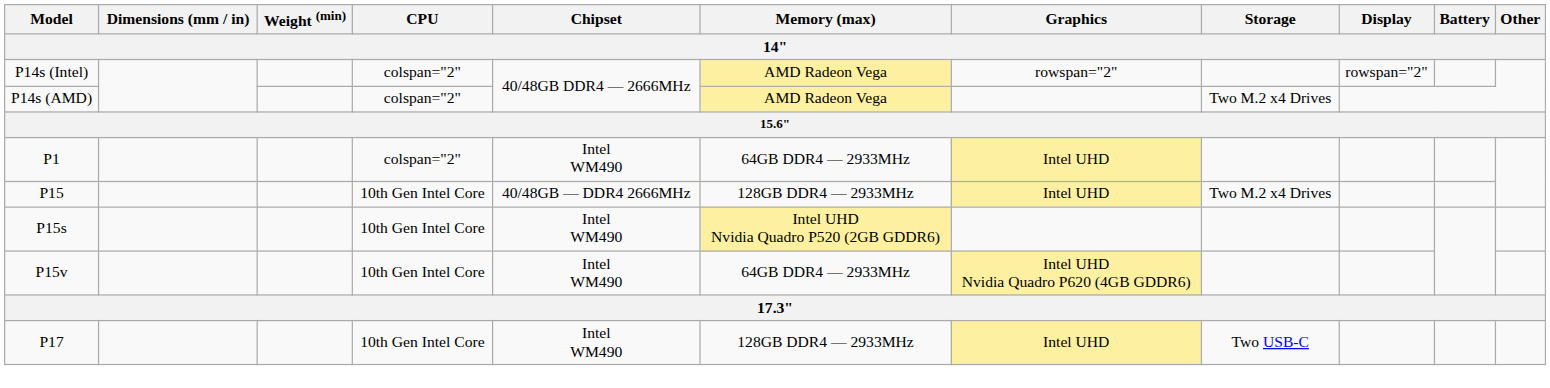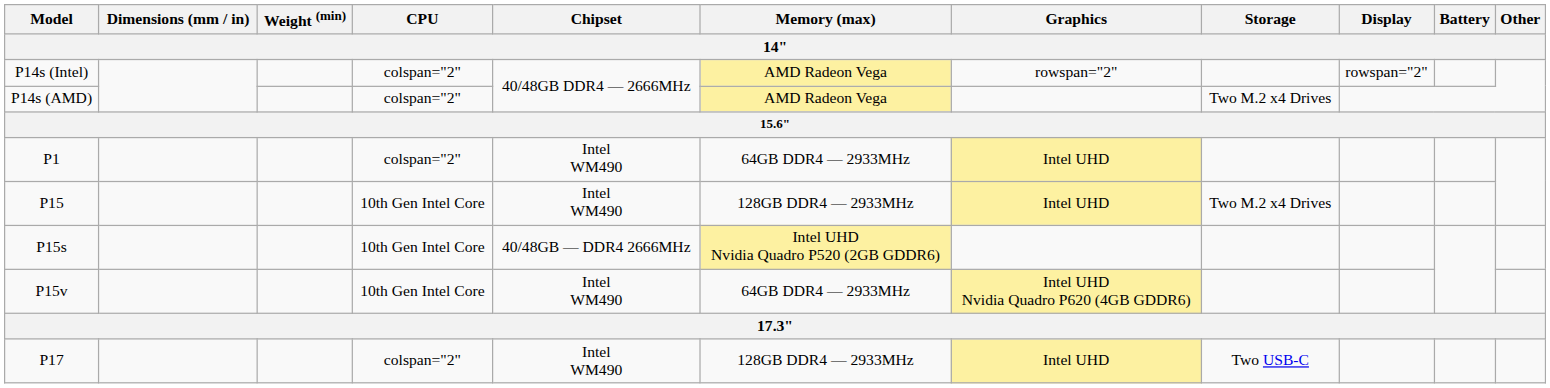 <table class="wikitable" style="font-size: 80%; text-align: center; min-width: 100%;">
 <tr>
 <th>Model</th>
 <th>Dimensions (mm / in)</th>
 <th>Weight <sup>(min)</sup></th>
 <th>CPU</th>
 <th>Chipset</th>
 <th>Memory (max)</th>
 <th>Graphics</th>
 <th>Storage</th>
 <th>Display</th>
 <th>Battery</th>
 <th>Other</th>
 </tr>
 <tr>
 <th colspan="11">14"</th>
 </tr>
 <tr>
 <td>P14s  (Intel)</td>
 <td rowspan="2"></td>
 <td></td>
 <td>colspan="2" </td>
 <td rowspan="2" style="background:">40/48GB DDR4 — 2666MHz<br> </td>
 <td style="background:#fdf1a1;">AMD Radeon Vega</td>
 <td>rowspan="2" </td>
 <td style="background:"> <br>     </td>
 <td>rowspan="2" </td>
 <td></td>
 </tr>
 <tr>
 <td>P14s  (AMD)</td>
 <td></td>
 <td>colspan="2" </td>
 <td style="background:#fdf1a1;">AMD Radeon Vega</td>
 <td style="background:"> <br>   </td>
 <td>Two M.2 x4 Drives</td>
 </tr>
 <tr>
 <th colspan="11"><small>15.6"</small></th>
 </tr>
 <tr>
 <td>P1 </td>
 <td></td>
 <td></td>
 <td>colspan="2" </td>
 <td>Intel<br>WM490</td>
 <td style="background:">64GB DDR4 — 2933MHz<br></td>
 <td style="background:#fdf1a1;">Intel UHD <br></td>
 <td></td>
 <td style="background:"> <br>   </td>
 <td></td>
 <td rowspan="2"></td>
 </tr>
 <tr>
 <td>P15 </td>
 <td></td>
 <td></td>
 <td style="background:">10th Gen Intel Core<br></td>
-<td style="background:">40/48GB — DDR4 2666MHz<br> </td>
+<td>Intel<br>WM490</td>
 <td style="background:">128GB DDR4 — 2933MHz<br></td>
 <td style="background:#fdf1a1;">Intel UHD <br></td>
 <td>Two M.2 x4 Drives</td>
 <td style="background:"> <br>   </td>
 <td></td>
 </tr>
 <tr>
 <td>P15s </td>
 <td></td>
 <td></td>
 <td style="background:">10th Gen Intel Core<br></td>
-<td>Intel<br>WM490</td>
+<td style="background:">40/48GB — DDR4 2666MHz<br> </td>
 <td style="background:#fdf1a1;">Intel UHD<br>Nvidia Quadro P520 (2GB GDDR6)</td>
 <td></td>
 <td style="background:"> <br>   </td>
 <td></td>
 <td rowspan="2"></td>
 </tr>
 <tr>
 <td>P15v </td>
 <td></td>
 <td></td>
 <td style="background:">10th Gen Intel Core<br></td>
 <td>Intel<br>WM490</td>
 <td style="background:">64GB DDR4 — 2933MHz<br></td>
 <td style="background:#fdf1a1;">Intel UHD<br>Nvidia Quadro P620 (4GB GDDR6)</td>
 <td></td>
 <td style="background:"> <br>   </td>
 <td></td>
 </tr>
 <tr>
 <th colspan="11">17.3"</th>
 </tr>
 <tr>
 <td>P17 </td>
 <td></td>
 <td></td>
-<td style="background:">10th Gen Intel Core<br></td>
+<td>colspan="2" </td>
 <td>Intel<br>WM490</td>
 <td style="background:">128GB DDR4 — 2933MHz<br></td>
 <td style="background:#fdf1a1;">Intel UHD <br></td>
 <td>Two <a href='#'>USB-C</a></td>
 <td style="background:"> <br> </td>
 <td></td>
 <td></td>
 </tr>
 </table>
